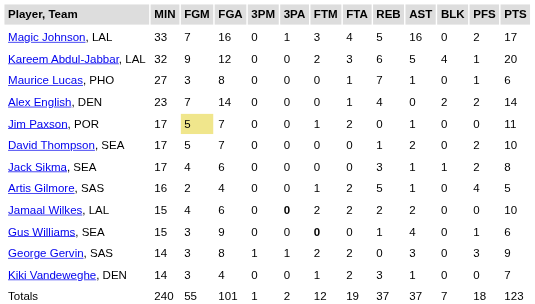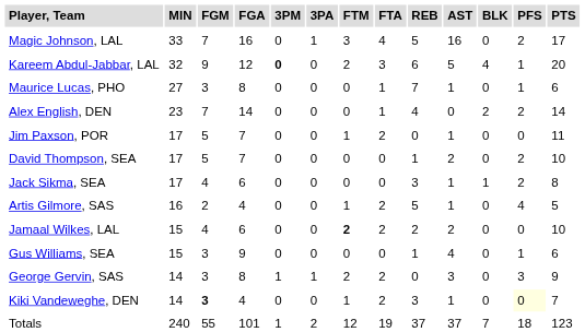 <table cellpadding=5>
 <tr bgcolor="#dddddd">
 <td><strong>Player, Team</strong></td>
 <td><strong>MIN</strong></td>
 <td><strong>FGM</strong></td>
 <td><strong>FGA</strong></td>
 <td><strong>3PM</strong></td>
 <td><strong>3PA</strong></td>
 <td><strong>FTM</strong></td>
 <td><strong>FTA</strong></td>
 <td><strong>REB</strong></td>
 <td><strong>AST</strong></td>
 <td><strong>BLK</strong></td>
 <td><strong>PFS</strong></td>
 <td><strong>PTS</strong></td>
 </tr>
 <tr bgcolor="#eeeeee">
 </tr>
 <tr>
 <td><a href='#'>Magic Johnson</a>, LAL</td>
 <td>33</td>
 <td>7</td>
 <td>16</td>
 <td>0</td>
 <td>1</td>
 <td>3</td>
 <td>4</td>
 <td>5</td>
 <td>16</td>
 <td>0</td>
 <td>2</td>
 <td>17</td>
 </tr>
 <tr>
 <td><a href='#'>Kareem Abdul-Jabbar</a>, LAL</td>
 <td>32</td>
 <td>9</td>
 <td>12</td>
-<td>0</td>
+<td><strong>0</strong></td>
 <td>0</td>
 <td>2</td>
 <td>3</td>
 <td>6</td>
 <td>5</td>
 <td>4</td>
 <td>1</td>
 <td>20</td>
 </tr>
 <tr>
 <td><a href='#'>Maurice Lucas</a>, PHO</td>
 <td>27</td>
 <td>3</td>
 <td>8</td>
 <td>0</td>
 <td>0</td>
 <td>0</td>
 <td>1</td>
 <td>7</td>
 <td>1</td>
 <td>0</td>
 <td>1</td>
 <td>6</td>
 </tr>
 <tr>
 <td><a href='#'>Alex English</a>, DEN</td>
 <td>23</td>
 <td>7</td>
 <td>14</td>
 <td>0</td>
 <td>0</td>
 <td>0</td>
 <td>1</td>
 <td>4</td>
 <td>0</td>
 <td>2</td>
 <td>2</td>
 <td>14</td>
 </tr>
 <tr>
 <td><a href='#'>Jim Paxson</a>, POR</td>
 <td>17</td>
-<td style="background: khaki;">5</td>
+<td>5</td>
 <td>7</td>
 <td>0</td>
 <td>0</td>
 <td>1</td>
 <td>2</td>
 <td>0</td>
 <td>1</td>
 <td>0</td>
 <td>0</td>
 <td>11</td>
 </tr>
 <tr>
 <td><a href='#'>David Thompson</a>, SEA</td>
 <td>17</td>
 <td>5</td>
 <td>7</td>
 <td>0</td>
 <td>0</td>
 <td>0</td>
 <td>0</td>
 <td>1</td>
 <td>2</td>
 <td>0</td>
 <td>2</td>
 <td>10</td>
 </tr>
 <tr>
 <td><a href='#'>Jack Sikma</a>, SEA</td>
 <td>17</td>
 <td>4</td>
 <td>6</td>
 <td>0</td>
 <td>0</td>
 <td>0</td>
 <td>0</td>
 <td>3</td>
 <td>1</td>
 <td>1</td>
 <td>2</td>
 <td>8</td>
 </tr>
 <tr>
 <td><a href='#'>Artis Gilmore</a>, SAS</td>
 <td>16</td>
 <td>2</td>
 <td>4</td>
 <td>0</td>
 <td>0</td>
 <td>1</td>
 <td>2</td>
 <td>5</td>
 <td>1</td>
 <td>0</td>
 <td>4</td>
 <td>5</td>
 </tr>
 <tr>
 <td><a href='#'>Jamaal Wilkes</a>, LAL</td>
 <td>15</td>
 <td>4</td>
 <td>6</td>
 <td>0</td>
-<td><strong>0</strong></td>
-<td>2</td>
+<td>0</td>
+<td><strong>2</strong></td>
 <td>2</td>
 <td>2</td>
 <td>2</td>
 <td>0</td>
 <td>0</td>
 <td>10</td>
 </tr>
 <tr>
 <td><a href='#'>Gus Williams</a>, SEA</td>
 <td>15</td>
 <td>3</td>
 <td>9</td>
 <td>0</td>
 <td>0</td>
-<td><strong>0</strong></td>
+<td>0</td>
 <td>0</td>
 <td>1</td>
 <td>4</td>
 <td>0</td>
 <td>1</td>
 <td>6</td>
 </tr>
 <tr>
 <td><a href='#'>George Gervin</a>, SAS</td>
 <td>14</td>
 <td>3</td>
 <td>8</td>
 <td>1</td>
 <td>1</td>
 <td>2</td>
 <td>2</td>
 <td>0</td>
 <td>3</td>
 <td>0</td>
 <td>3</td>
 <td>9</td>
 </tr>
 <tr>
 <td><a href='#'>Kiki Vandeweghe</a>, DEN</td>
 <td>14</td>
-<td>3</td>
+<td><strong>3</strong></td>
 <td>4</td>
 <td>0</td>
 <td>0</td>
 <td>1</td>
 <td>2</td>
 <td>3</td>
 <td>1</td>
 <td>0</td>
-<td>0</td>
+<td style="background: lightyellow;">0</td>
 <td>7</td>
 </tr>
 <tr>
 <td>Totals</td>
 <td>240</td>
 <td>55</td>
 <td>101</td>
 <td>1</td>
 <td>2</td>
 <td>12</td>
 <td>19</td>
 <td>37</td>
 <td>37</td>
 <td>7</td>
 <td>18</td>
 <td>123</td>
 </tr>
 <tr>
 </tr>
 </table>
